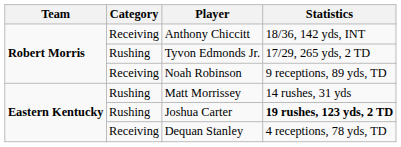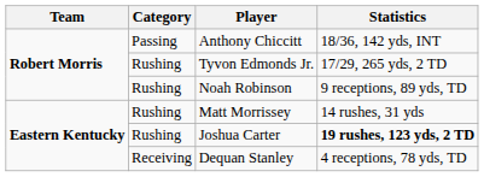 <table class="wikitable" style="float: right;">
 <tr>
 <th>Team</th>
 <th>Category</th>
 <th>Player</th>
 <th>Statistics</th>
 </tr>
 <tr>
 <td rowspan=3><strong>Robert Morris</strong></td>
-<td>Receiving</td>
+<td>Passing</td>
 <td>Anthony Chiccitt</td>
 <td>18/36, 142 yds, INT</td>
 </tr>
 <tr>
 <td>Rushing</td>
 <td>Tyvon Edmonds Jr.</td>
 <td>17/29, 265 yds, 2 TD</td>
 </tr>
 <tr>
-<td>Receiving</td>
+<td>Rushing</td>
 <td>Noah Robinson</td>
 <td>9 receptions, 89 yds, TD</td>
 </tr>
 <tr>
 <td rowspan=3><strong>Eastern Kentucky</strong></td>
 <td>Rushing</td>
 <td>Matt Morrissey</td>
 <td>14 rushes, 31 yds</td>
 </tr>
 <tr>
 <td>Rushing</td>
 <td>Joshua Carter</td>
 <td><strong>19 rushes, 123 yds, 2 TD</strong></td>
 </tr>
 <tr>
 <td>Receiving</td>
 <td>Dequan Stanley</td>
 <td>4 receptions, 78 yds, TD</td>
 </tr>
 </table>
